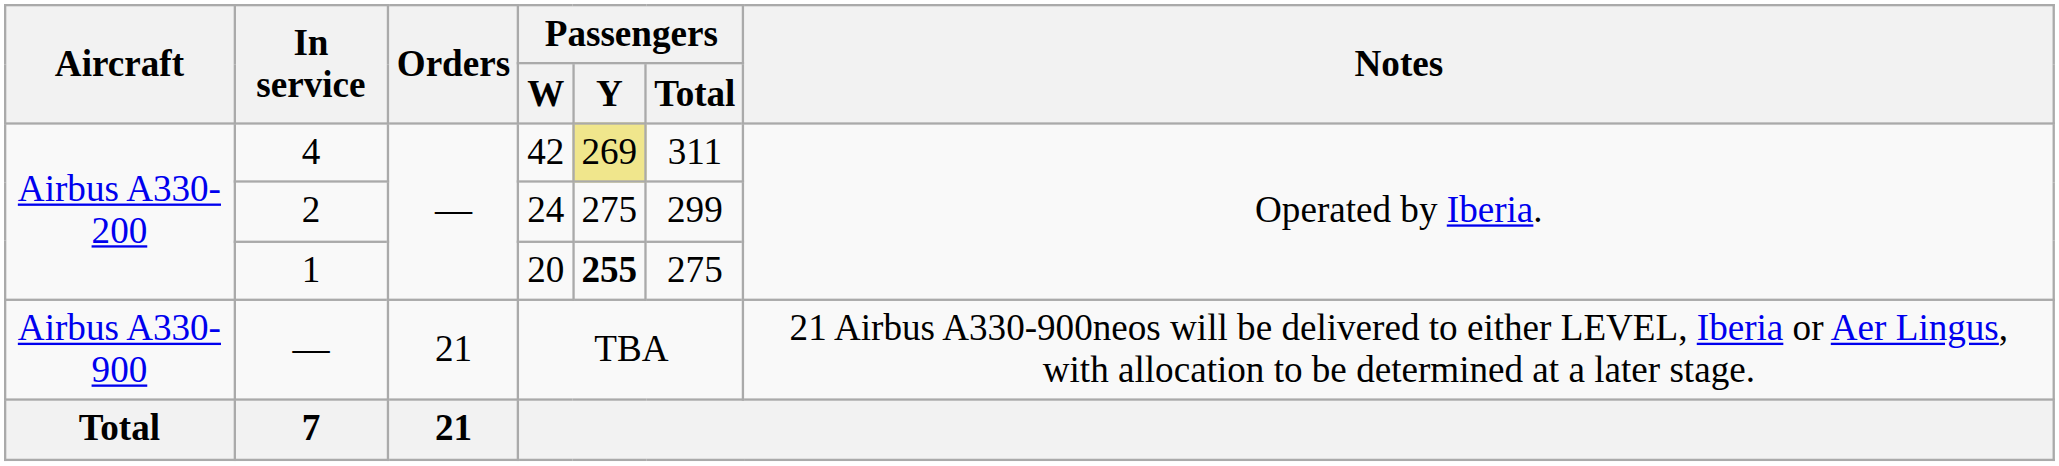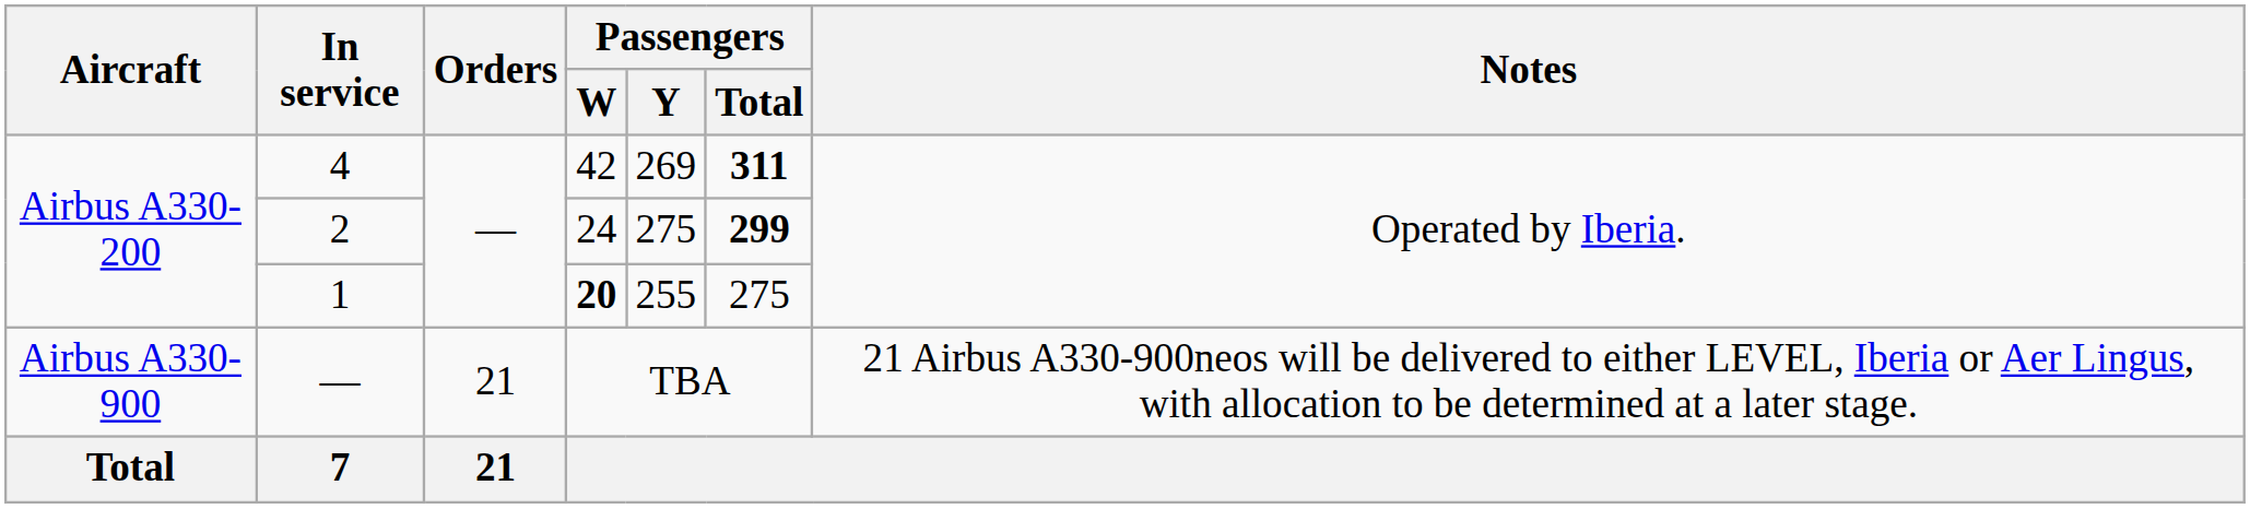 <table class="wikitable" style="margin:1em auto; text-align:center;">
 <tr>
 <th rowspan="2">Aircraft</th>
 <th rowspan="2">In service</th>
 <th rowspan="2">Orders</th>
 <th colspan="3">Passengers</th>
 <th rowspan="2">Notes</th>
 </tr>
 <tr>
 <th><abbr>W</abbr></th>
 <th><abbr>Y</abbr></th>
 <th>Total</th>
 </tr>
 <tr>
 <td rowspan="3"><a href='#'>Airbus A330-200</a></td>
 <td>4</td>
 <td rowspan="3">—</td>
 <td>42</td>
-<td style="background: khaki;">269</td>
-<td>311</td>
+<td>269</td>
+<td><strong>311</strong></td>
 <td rowspan="3">Operated by <a href='#'>Iberia</a>.</td>
 </tr>
 <tr>
 <td>2</td>
 <td>24</td>
 <td>275</td>
-<td>299</td>
+<td><strong>299</strong></td>
 </tr>
 <tr>
 <td>1</td>
-<td>20</td>
-<td><strong>255</strong></td>
+<td><strong>20</strong></td>
+<td>255</td>
 <td>275</td>
 </tr>
 <tr>
 <td><a href='#'>Airbus A330-900</a></td>
 <td>—</td>
 <td>21</td>
 <td colspan="3">TBA</td>
 <td>21 Airbus A330-900neos will be delivered to either LEVEL, <a href='#'>Iberia</a> or <a href='#'>Aer Lingus</a>, with allocation to be determined at a later stage.</td>
 </tr>
 <tr>
 <th>Total</th>
 <th>7</th>
 <th>21</th>
 <th colspan="4"></th>
 </tr>
 </table>
